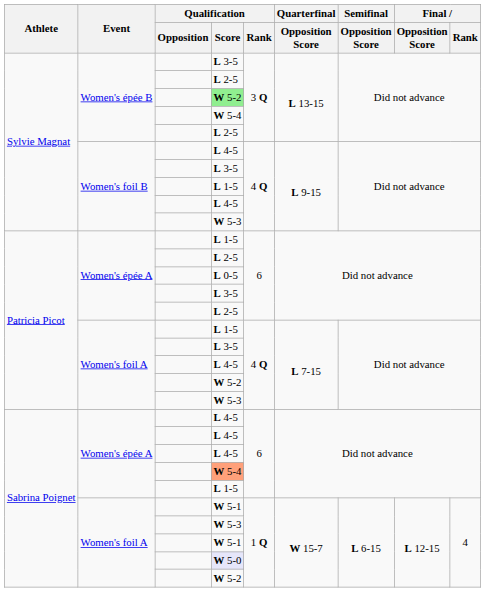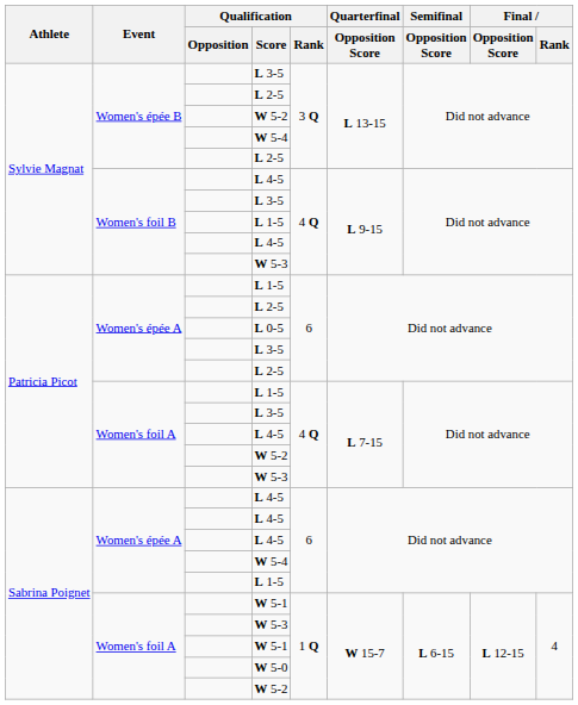 <table class=wikitable style="font-size:90%">
 <tr>
 <th rowspan="2">Athlete</th>
 <th rowspan="2">Event</th>
 <th colspan="3">Qualification</th>
 <th>Quarterfinal</th>
 <th>Semifinal</th>
 <th colspan="2">Final / </th>
 </tr>
 <tr>
 <th>Opposition</th>
 <th>Score</th>
 <th>Rank</th>
 <th>Opposition<br>Score</th>
 <th>Opposition<br>Score</th>
 <th>Opposition<br>Score</th>
 <th>Rank</th>
 </tr>
 <tr>
 <td rowspan=10><a href='#'>Sylvie Magnat</a></td>
 <td rowspan=5><a href='#'>Women's épée B</a></td>
 <td></td>
 <td><strong>L</strong> 3-5</td>
 <td align="center" rowspan=5>3 <strong>Q</strong></td>
 <td align="center" rowspan=5><br><strong>L</strong> 13-15</td>
 <td align="center" rowspan=5 colspan=3>Did not advance</td>
 </tr>
 <tr>
 <td></td>
 <td><strong>L</strong> 2-5</td>
 </tr>
 <tr>
 <td></td>
-<td style="background: lightgreen;"><strong>W</strong> 5-2</td>
+<td><strong>W</strong> 5-2</td>
 </tr>
 <tr>
 <td></td>
 <td><strong>W</strong> 5-4</td>
 </tr>
 <tr>
 <td></td>
 <td><strong>L</strong> 2-5</td>
 </tr>
 <tr>
 <td rowspan=5><a href='#'>Women's foil B</a></td>
 <td></td>
 <td><strong>L</strong> 4-5</td>
 <td align="center" rowspan=5>4 <strong>Q</strong></td>
 <td align="center" rowspan=5><br><strong>L</strong> 9-15</td>
 <td align="center" rowspan=5 colspan=3>Did not advance</td>
 </tr>
 <tr>
 <td></td>
 <td><strong>L</strong> 3-5</td>
 </tr>
 <tr>
 <td></td>
 <td><strong>L</strong> 1-5</td>
 </tr>
 <tr>
 <td></td>
 <td><strong>L</strong> 4-5</td>
 </tr>
 <tr>
 <td></td>
 <td><strong>W</strong> 5-3</td>
 </tr>
 <tr>
 <td rowspan=10><a href='#'>Patricia Picot</a></td>
 <td rowspan=5><a href='#'>Women's épée A</a></td>
 <td></td>
 <td><strong>L</strong> 1-5</td>
 <td align="center" rowspan=5>6</td>
 <td align="center" rowspan=5 colspan=4>Did not advance</td>
 </tr>
 <tr>
 <td></td>
 <td><strong>L</strong> 2-5</td>
 </tr>
 <tr>
 <td></td>
 <td><strong>L</strong> 0-5</td>
 </tr>
 <tr>
 <td></td>
 <td><strong>L</strong> 3-5</td>
 </tr>
 <tr>
 <td></td>
 <td><strong>L</strong> 2-5</td>
 </tr>
 <tr>
 <td rowspan=5><a href='#'>Women's foil A</a></td>
 <td></td>
 <td><strong>L</strong> 1-5</td>
 <td align="center" rowspan=5>4 <strong>Q</strong></td>
 <td align="center" rowspan=5><br><strong>L</strong> 7-15</td>
 <td align="center" rowspan=5 colspan=3>Did not advance</td>
 </tr>
 <tr>
 <td></td>
 <td><strong>L</strong> 3-5</td>
 </tr>
 <tr>
 <td></td>
 <td><strong>L</strong> 4-5</td>
 </tr>
 <tr>
 <td></td>
 <td><strong>W</strong> 5-2</td>
 </tr>
 <tr>
 <td></td>
 <td><strong>W</strong> 5-3</td>
 </tr>
 <tr>
 <td rowspan=10><a href='#'>Sabrina Poignet</a></td>
 <td rowspan=5><a href='#'>Women's épée A</a></td>
 <td></td>
 <td><strong>L</strong> 4-5</td>
 <td align="center" rowspan=5>6</td>
 <td align="center" rowspan=5 colspan=4>Did not advance</td>
 </tr>
 <tr>
 <td></td>
 <td><strong>L</strong> 4-5</td>
 </tr>
 <tr>
 <td></td>
 <td><strong>L</strong> 4-5</td>
 </tr>
 <tr>
 <td></td>
-<td style="background: lightsalmon;"><strong>W</strong> 5-4</td>
+<td><strong>W</strong> 5-4</td>
 </tr>
 <tr>
 <td></td>
 <td><strong>L</strong> 1-5</td>
 </tr>
 <tr>
 <td rowspan=5><a href='#'>Women's foil A</a></td>
 <td></td>
 <td><strong>W</strong> 5-1</td>
 <td align="center" rowspan=5>1 <strong>Q</strong></td>
 <td align="center" rowspan=5><br><strong>W</strong> 15-7</td>
 <td align="center" rowspan=5><br><strong>L</strong> 6-15</td>
 <td align="center" rowspan=5><br><strong>L</strong> 12-15</td>
 <td align="center" rowspan=5>4</td>
 </tr>
 <tr>
 <td></td>
 <td><strong>W</strong> 5-3</td>
 </tr>
 <tr>
 <td></td>
 <td><strong>W</strong> 5-1</td>
 </tr>
 <tr>
 <td></td>
-<td style="background: lavender;"><strong>W</strong> 5-0</td>
+<td><strong>W</strong> 5-0</td>
 </tr>
 <tr>
 <td></td>
 <td><strong>W</strong> 5-2</td>
 </tr>
 </table>
